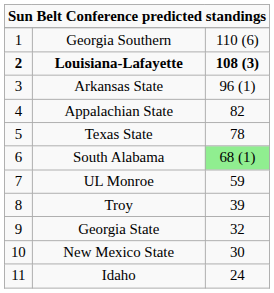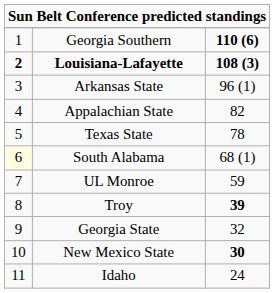 <table class= "wikitable">
 <tr align="center">
 <td align="center" Colspan="3"><strong>Sun Belt Conference predicted standings</strong></td>
 </tr>
 <tr align="center">
 </tr>
 <tr align="center">
 <td>1</td>
 <td>Georgia Southern</td>
-<td>110 (6)</td>
+<td><strong>110 (6)</strong></td>
 </tr>
 <tr align="center">
 <td><strong>2</strong></td>
 <td><strong>Louisiana-Lafayette</strong></td>
 <td><strong>108 (3)</strong></td>
 </tr>
 <tr align="center">
 <td>3</td>
 <td>Arkansas State</td>
 <td>96 (1)</td>
 </tr>
 <tr align="center">
 <td>4</td>
 <td>Appalachian State</td>
 <td>82</td>
 </tr>
 <tr align="center">
 <td>5</td>
 <td>Texas State</td>
 <td>78</td>
 </tr>
 <tr align="center">
-<td>6</td>
+<td style="background: lightyellow;">6</td>
 <td>South Alabama</td>
-<td style="background: lightgreen;">68 (1)</td>
+<td>68 (1)</td>
 </tr>
 <tr align="center">
 <td>7</td>
 <td>UL Monroe</td>
 <td>59</td>
 </tr>
 <tr align="center">
 <td>8</td>
 <td>Troy</td>
-<td>39</td>
+<td><strong>39</strong></td>
 </tr>
 <tr align="center">
 <td>9</td>
 <td>Georgia State</td>
 <td>32</td>
 </tr>
 <tr align="center">
 <td>10</td>
 <td>New Mexico State</td>
-<td>30</td>
+<td><strong>30</strong></td>
 </tr>
 <tr align="center">
 <td>11</td>
 <td>Idaho</td>
 <td>24</td>
 </tr>
 </table>
